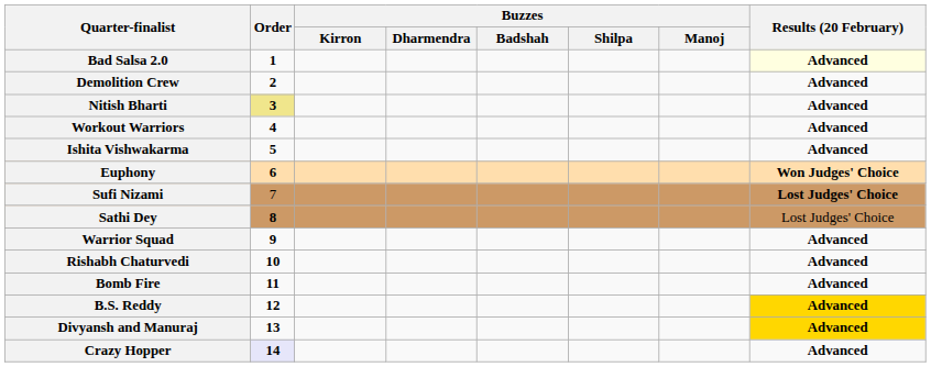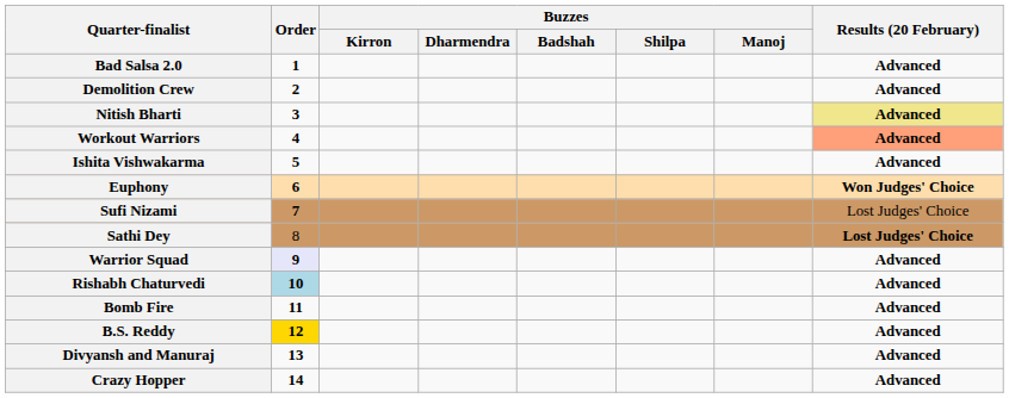 <table class="wikitable plainrowheaders sortable" style="text-align:center;">
 <tr>
 <th rowspan="2" class="unsortable" scope="col" style="width:17em;">Quarter-finalist</th>
 <th rowspan="2" scope="col" style="width:1em;">Order</th>
 <th colspan="5" class="unsortable" scope="col" style="width:24em;"><strong>Buzzes</strong></th>
 <th rowspan="2" class="sortable" scope="col" style="width:12em;">Results (20 February)</th>
 </tr>
 <tr>
 <th scope="col" class="unsortable" style="width:6em;">Kirron</th>
 <th scope="col" class="unsortable" style="width:6em;">Dharmendra</th>
 <th scope="col" class="unsortable" style="width:6em;">Badshah</th>
 <th scope="col" class="unsortable" style="width:6em;">Shilpa</th>
 <th scope="col" class="unsortable" style="width:6em;">Manoj</th>
 </tr>
 <tr>
 <th scope="row"><strong>Bad Salsa 2.0</strong></th>
 <td><strong>1</strong></td>
 <td></td>
 <td></td>
 <td></td>
 <td></td>
 <td></td>
-<td style="background: lightyellow;"><strong>Advanced</strong></td>
+<td><strong>Advanced</strong></td>
 </tr>
 <tr>
 <th scope="row"><strong>Demolition Crew</strong></th>
 <td><strong>2</strong></td>
 <td></td>
 <td></td>
 <td></td>
 <td></td>
 <td></td>
 <td><strong>Advanced</strong></td>
 </tr>
 <tr>
 <th scope="row"><strong>Nitish Bharti</strong></th>
-<td style="background: khaki;"><strong>3</strong></td>
+<td><strong>3</strong></td>
 <td></td>
 <td><strong></strong></td>
 <td></td>
 <td></td>
 <td></td>
-<td><strong>Advanced</strong></td>
+<td style="background: khaki;"><strong>Advanced</strong></td>
 </tr>
 <tr>
 <th scope="row"><strong>Workout Warriors</strong></th>
 <td><strong>4</strong></td>
 <td></td>
 <td></td>
 <td></td>
 <td></td>
 <td></td>
-<td><strong>Advanced</strong></td>
+<td style="background: lightsalmon;"><strong>Advanced</strong></td>
 </tr>
 <tr>
 <th scope="row"><strong>Ishita Vishwakarma</strong></th>
 <td><strong>5</strong></td>
 <td></td>
 <td></td>
 <td><strong></strong></td>
 <td></td>
 <td><strong></strong></td>
 <td><strong>Advanced</strong></td>
 </tr>
 <tr style="background:NavajoWhite;" |>
 <th scope="row"><strong>Euphony</strong></th>
 <td><strong>6</strong></td>
 <td></td>
 <td></td>
 <td></td>
 <td></td>
 <td></td>
 <td><strong>Won Judges' Choice</strong></td>
 </tr>
 <tr style="background:#c96;" |>
 <th scope="row">Sufi Nizami</th>
-<td>7</td>
+<td><strong>7</strong></td>
+<td></td>
+<td></td>
+<td></td>
+<td></td>
+<td></td>
+<td>Lost Judges' Choice</td>
+</tr>
+<tr style="background:#c96;" |>
+<th scope="row">Sathi Dey</th>
+<td>8</td>
 <td></td>
 <td></td>
 <td></td>
 <td></td>
 <td></td>
 <td><strong>Lost Judges' Choice</strong></td>
 </tr>
-<tr style="background:#c96;" |>
-<th scope="row">Sathi Dey</th>
-<td><strong>8</strong></td>
-<td></td>
-<td></td>
-<td></td>
-<td></td>
-<td></td>
-<td>Lost Judges' Choice</td>
-</tr>
 <tr>
 <th scope="row"><strong>Warrior Squad</strong></th>
-<td><strong>9</strong></td>
+<td style="background: lavender;"><strong>9</strong></td>
 <td></td>
 <td></td>
 <td></td>
 <td></td>
 <td></td>
 <td><strong>Advanced</strong></td>
 </tr>
 <tr>
 <th scope="row"><strong>Rishabh Chaturvedi</strong></th>
-<td><strong>10</strong></td>
+<td style="background: lightblue;"><strong>10</strong></td>
 <td></td>
 <td></td>
 <td></td>
 <td></td>
 <td></td>
 <td><strong>Advanced</strong></td>
 </tr>
 <tr>
 <th scope="row"><strong>Bomb Fire</strong></th>
 <td><strong>11</strong></td>
 <td></td>
 <td></td>
 <td></td>
 <td></td>
 <td></td>
 <td><strong>Advanced</strong></td>
 </tr>
 <tr>
 <th scope="row"><strong>B.S. Reddy</strong></th>
-<td><strong>12</strong></td>
+<td style="background: gold;"><strong>12</strong></td>
 <td></td>
 <td></td>
 <td></td>
 <td></td>
 <td></td>
-<td style="background: gold;"><strong>Advanced</strong></td>
+<td><strong>Advanced</strong></td>
 </tr>
 <tr>
 <th scope="row"><strong>Divyansh and Manuraj</strong></th>
 <td><strong>13</strong></td>
 <td><strong></strong></td>
 <td></td>
 <td></td>
 <td></td>
 <td></td>
-<td style="background: gold;"><strong>Advanced</strong></td>
+<td><strong>Advanced</strong></td>
 </tr>
 <tr>
 <th scope="row"><strong>Crazy Hopper</strong></th>
-<td style="background: lavender;"><strong>14</strong></td>
+<td><strong>14</strong></td>
 <td></td>
 <td></td>
 <td></td>
 <td></td>
 <td></td>
 <td><strong>Advanced</strong></td>
 </tr>
 </table>
